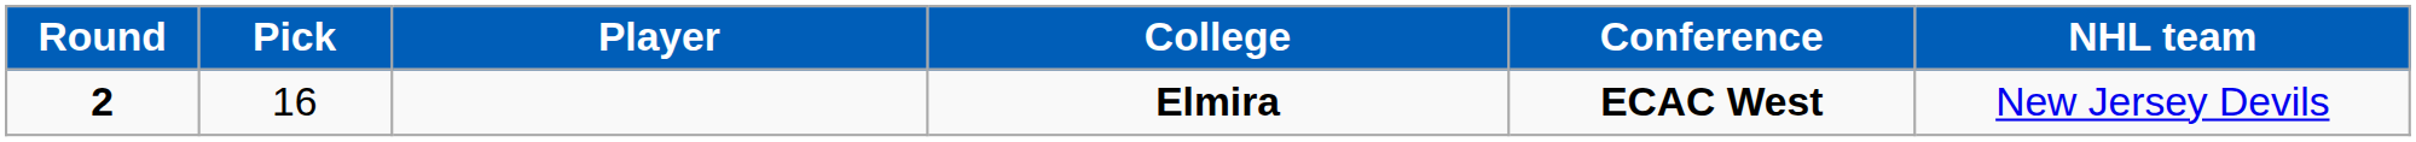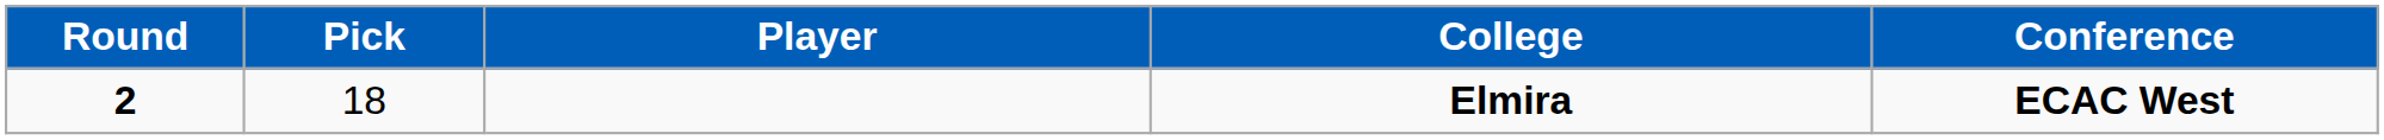 <table class="wikitable sortable" width="75%">
 <tr>
 <th style="color:white; background-color:#005EB8; width: 4em;">Round</th>
 <th style="color:white; background-color:#005EB8; width: 4em;">Pick</th>
 <th style="color:white; background-color:#005EB8; width: 12em;">Player</th>
 <th style="color:white; background-color:#005EB8; width: 13em;">College</th>
 <th style="color:white; background-color:#005EB8; width: 9em;">Conference</th>
-<th style="color:white; background-color:#005EB8; width: 11em;">NHL team</th>
 </tr>
 <tr align="center" bgcolor="">
 <td><strong>2</strong></td>
-<td>16</td>
+<td>18</td>
 <td></td>
 <td><strong>Elmira</strong></td>
 <td><strong>ECAC West</strong></td>
-<td><a href='#'>New Jersey Devils</a></td>
 </tr>
 </table>
